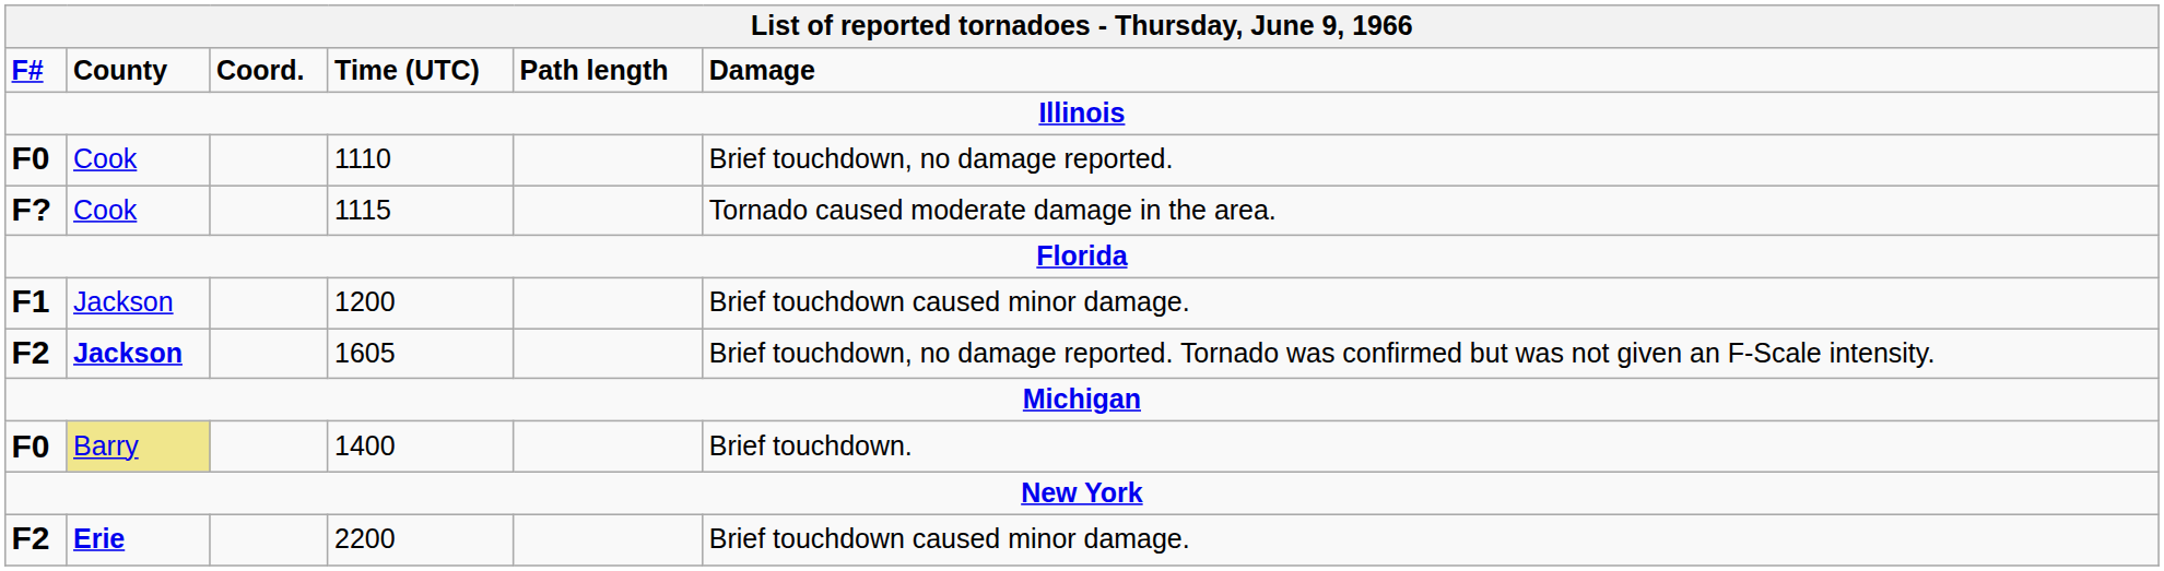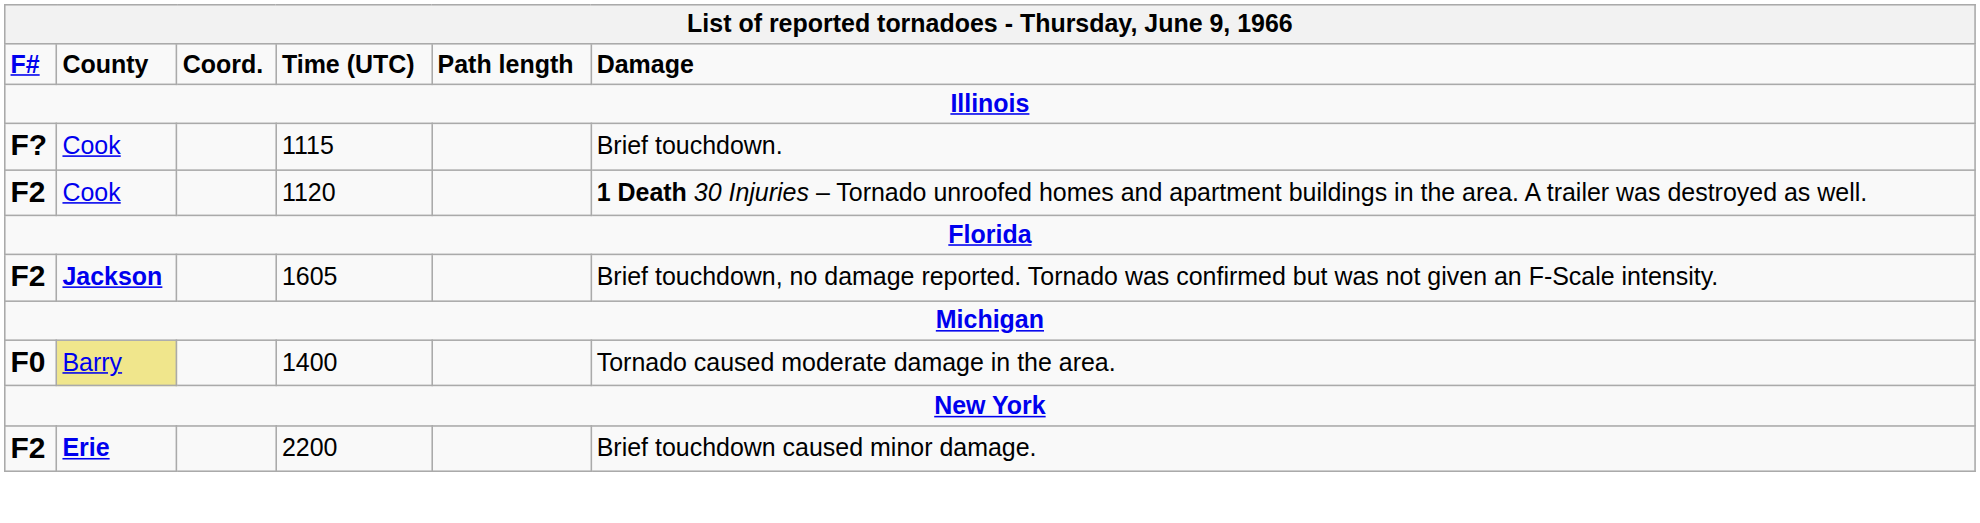 <table class="wikitable collapsible" style="width:100%;">
 <tr>
 <th colspan="6">List of reported tornadoes - Thursday, June 9, 1966</th>
 </tr>
 <tr>
 <td><strong><a href='#'>F#</a></strong></td>
 <td><strong>County</strong></td>
 <td><strong>Coord.</strong></td>
 <td><strong>Time (UTC)</strong></td>
 <td><strong>Path length</strong></td>
 <td><strong>Damage</strong></td>
 </tr>
 <tr>
 <td colspan="6" style="text-align:center;"><strong><a href='#'>Illinois</a></strong></td>
 </tr>
 <tr>
-<td><big><strong>F0</strong></big></td>
-<td><a href='#'>Cook</a></td>
-<td></td>
-<td>1110</td>
-<td></td>
-<td>Brief touchdown, no damage reported.</td>
-</tr>
-<tr>
 <td><big><strong>F?</strong></big></td>
 <td><a href='#'>Cook</a></td>
 <td></td>
 <td>1115</td>
 <td></td>
-<td>Tornado caused moderate damage in the area.</td>
+<td>Brief touchdown.</td>
+</tr>
+<tr>
+<td><big><strong>F2</strong></big></td>
+<td><a href='#'>Cook</a></td>
+<td></td>
+<td>1120</td>
+<td></td>
+<td><strong>1 Death</strong> <em>30 Injuries</em> – Tornado unroofed homes and apartment buildings in the area. A trailer was destroyed as well.</td>
 </tr>
 <tr>
 <td colspan="6" style="text-align:center;"><strong><a href='#'>Florida</a></strong></td>
-</tr>
-<tr>
-<td><big><strong>F1</strong></big></td>
-<td><a href='#'>Jackson</a></td>
-<td></td>
-<td>1200</td>
-<td></td>
-<td>Brief touchdown caused minor damage.</td>
 </tr>
 <tr>
 <td><big><strong>F2</strong></big></td>
 <td><strong><a href='#'>Jackson</a></strong></td>
 <td></td>
 <td>1605</td>
 <td></td>
 <td>Brief touchdown, no damage reported. Tornado was confirmed but was not given an F-Scale intensity.</td>
 </tr>
 <tr>
 <td colspan="6" style="text-align:center;"><strong><a href='#'>Michigan</a></strong></td>
 </tr>
 <tr>
 <td><big><strong>F0</strong></big></td>
 <td style="background: khaki;"><a href='#'>Barry</a></td>
 <td></td>
 <td>1400</td>
 <td></td>
-<td>Brief touchdown.</td>
+<td>Tornado caused moderate damage in the area.</td>
 </tr>
 <tr>
 <td colspan="6" style="text-align:center;"><strong><a href='#'>New York</a></strong></td>
 </tr>
 <tr>
 <td><big><strong>F2</strong></big></td>
 <td><strong><a href='#'>Erie</a></strong></td>
 <td></td>
 <td>2200</td>
 <td></td>
 <td>Brief touchdown caused minor damage.</td>
 </tr>
 </table>
